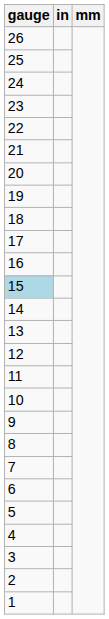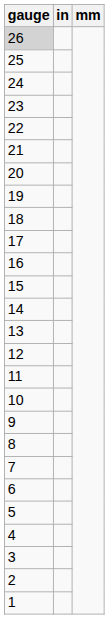 <table class="wikitable">
 <tr>
 <th>gauge</th>
 <th>in</th>
 <th>mm</th>
 </tr>
 <tr>
-<td>26</td>
+<td style="background: lightgrey;">26</td>
 <td></td>
 </tr>
 <tr>
 <td>25</td>
 <td></td>
 </tr>
 <tr>
 <td>24</td>
 <td></td>
 </tr>
 <tr>
 <td>23</td>
 <td></td>
 </tr>
 <tr>
 <td>22</td>
 <td></td>
 </tr>
 <tr>
 <td>21</td>
 <td></td>
 </tr>
 <tr>
 <td>20</td>
 <td></td>
 </tr>
 <tr>
 <td>19</td>
 <td></td>
 </tr>
 <tr>
 <td>18</td>
 <td></td>
 </tr>
 <tr>
 <td>17</td>
 <td></td>
 </tr>
 <tr>
 <td>16</td>
 <td></td>
 </tr>
 <tr>
-<td style="background: lightblue;">15</td>
+<td>15</td>
 <td></td>
 </tr>
 <tr>
 <td>14</td>
 <td></td>
 </tr>
 <tr>
 <td>13</td>
 <td></td>
 </tr>
 <tr>
 <td>12</td>
 <td></td>
 </tr>
 <tr>
 <td>11</td>
 <td></td>
 </tr>
 <tr>
 <td>10</td>
 <td></td>
 </tr>
 <tr>
 <td>9</td>
 <td></td>
 </tr>
 <tr>
 <td>8</td>
 <td></td>
 </tr>
 <tr>
 <td>7</td>
 <td></td>
 </tr>
 <tr>
 <td>6</td>
 <td></td>
 </tr>
 <tr>
 <td>5</td>
 <td></td>
 </tr>
 <tr>
 <td>4</td>
 <td></td>
 </tr>
 <tr>
 <td>3</td>
 <td></td>
 </tr>
 <tr>
 <td>2</td>
 <td></td>
 </tr>
 <tr>
 <td>1</td>
 <td></td>
 </tr>
 </table>
